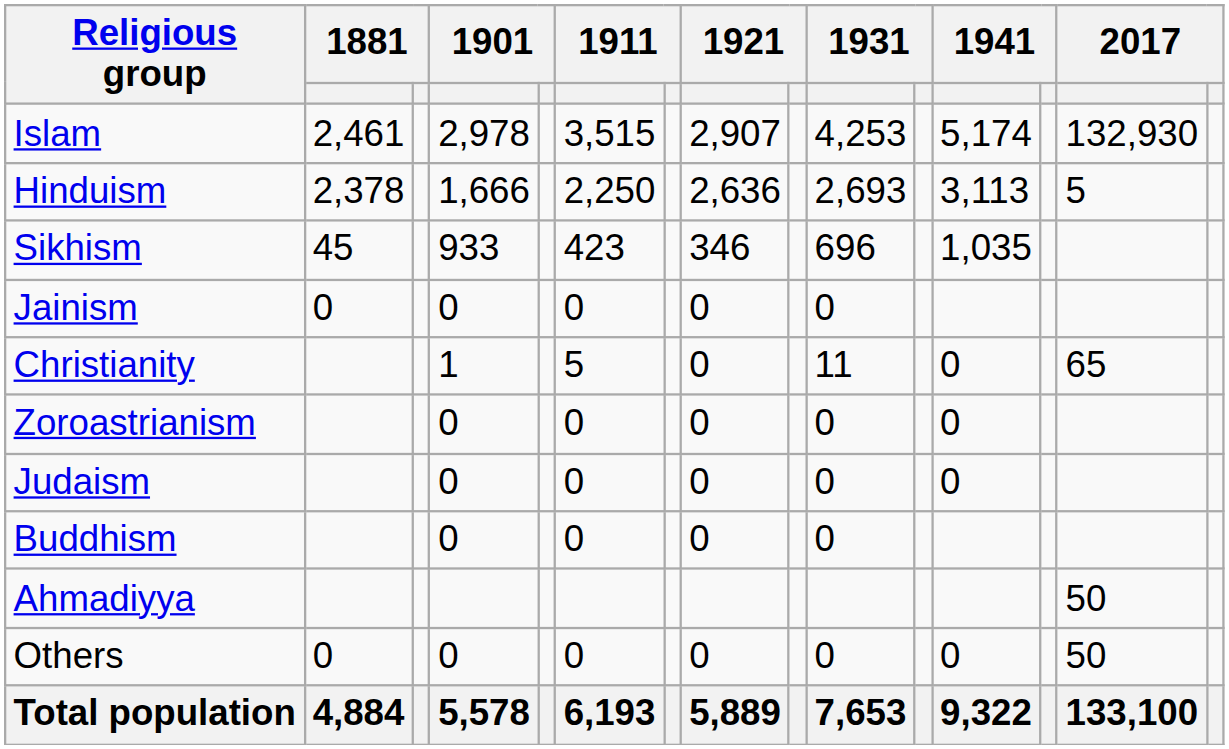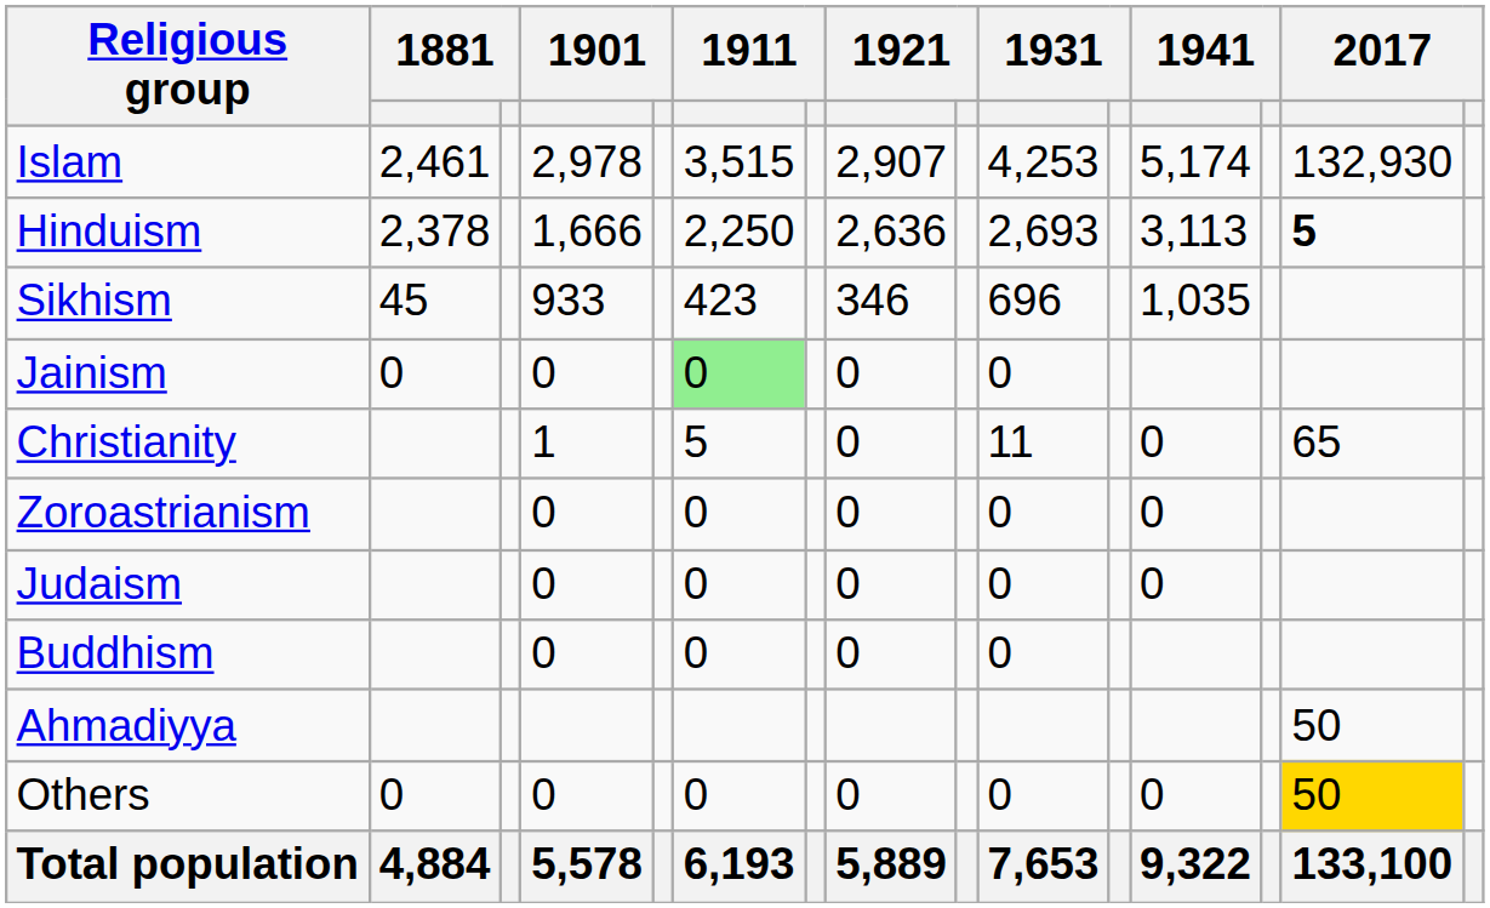 <table class="wikitable collapsible sortable">
 <tr>
 <th rowspan="2"><a href='#'>Religious</a><br>group</th>
 <th colspan="2">1881</th>
 <th colspan="2">1901</th>
 <th colspan="2">1911</th>
 <th colspan="2">1921</th>
 <th colspan="2">1931</th>
 <th colspan="2">1941</th>
 <th colspan="2">2017</th>
 </tr>
 <tr>
 <th><a href='#'></a></th>
 <th></th>
 <th></th>
 <th></th>
 <th></th>
 <th></th>
 <th></th>
 <th></th>
 <th></th>
 <th></th>
 <th></th>
 <th></th>
 <th></th>
 <th></th>
 </tr>
 <tr>
 <td><a href='#'>Islam</a> </td>
 <td>2,461</td>
 <td></td>
 <td>2,978</td>
 <td></td>
 <td>3,515</td>
 <td></td>
 <td>2,907</td>
 <td></td>
 <td>4,253</td>
 <td></td>
 <td>5,174</td>
 <td></td>
 <td>132,930</td>
 <td></td>
 </tr>
 <tr>
 <td><a href='#'>Hinduism</a> </td>
 <td>2,378</td>
 <td></td>
 <td>1,666</td>
 <td></td>
 <td>2,250</td>
 <td></td>
 <td>2,636</td>
 <td></td>
 <td>2,693</td>
 <td></td>
 <td>3,113</td>
 <td></td>
-<td>5</td>
+<td><strong>5</strong></td>
 <td></td>
 </tr>
 <tr>
 <td><a href='#'>Sikhism</a> </td>
 <td>45</td>
 <td></td>
 <td>933</td>
 <td></td>
 <td>423</td>
 <td></td>
 <td>346</td>
 <td></td>
 <td>696</td>
 <td></td>
 <td>1,035</td>
 <td></td>
 <td></td>
 <td></td>
 </tr>
 <tr>
 <td><a href='#'>Jainism</a> </td>
 <td>0</td>
 <td></td>
 <td>0</td>
 <td></td>
-<td>0</td>
+<td style="background: lightgreen;">0</td>
 <td></td>
 <td>0</td>
 <td></td>
 <td>0</td>
 <td></td>
 <td></td>
 <td></td>
 <td></td>
 <td></td>
 </tr>
 <tr>
 <td><a href='#'>Christianity</a> </td>
 <td></td>
 <td></td>
 <td>1</td>
 <td></td>
 <td>5</td>
 <td></td>
 <td>0</td>
 <td></td>
 <td>11</td>
 <td></td>
 <td>0</td>
 <td></td>
 <td>65</td>
 <td></td>
 </tr>
 <tr>
 <td><a href='#'>Zoroastrianism</a> </td>
 <td></td>
 <td></td>
 <td>0</td>
 <td></td>
 <td>0</td>
 <td></td>
 <td>0</td>
 <td></td>
 <td>0</td>
 <td></td>
 <td>0</td>
 <td></td>
 <td></td>
 <td></td>
 </tr>
 <tr>
 <td><a href='#'>Judaism</a> </td>
 <td></td>
 <td></td>
 <td>0</td>
 <td></td>
 <td>0</td>
 <td></td>
 <td>0</td>
 <td></td>
 <td>0</td>
 <td></td>
 <td>0</td>
 <td></td>
 <td></td>
 <td></td>
 </tr>
 <tr>
 <td><a href='#'>Buddhism</a> </td>
 <td></td>
 <td></td>
 <td>0</td>
 <td></td>
 <td>0</td>
 <td></td>
 <td>0</td>
 <td></td>
 <td>0</td>
 <td></td>
 <td></td>
 <td></td>
 <td></td>
 <td></td>
 </tr>
 <tr>
 <td><a href='#'>Ahmadiyya</a> </td>
 <td></td>
 <td></td>
 <td></td>
 <td></td>
 <td></td>
 <td></td>
 <td></td>
 <td></td>
 <td></td>
 <td></td>
 <td></td>
 <td></td>
 <td>50</td>
 <td></td>
 </tr>
 <tr>
 <td>Others</td>
 <td>0</td>
 <td></td>
 <td>0</td>
 <td></td>
 <td>0</td>
 <td></td>
 <td>0</td>
 <td></td>
 <td>0</td>
 <td></td>
 <td>0</td>
 <td></td>
-<td>50</td>
+<td style="background: gold;">50</td>
 <td></td>
 </tr>
 <tr>
 <th>Total population</th>
 <th>4,884</th>
 <th></th>
 <th>5,578</th>
 <th></th>
 <th>6,193</th>
 <th></th>
 <th>5,889</th>
 <th></th>
 <th>7,653</th>
 <th></th>
 <th>9,322</th>
 <th></th>
 <th>133,100</th>
 <th></th>
 </tr>
 </table>
